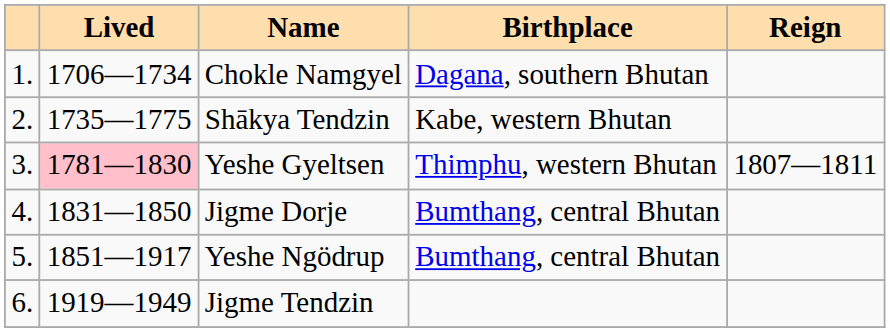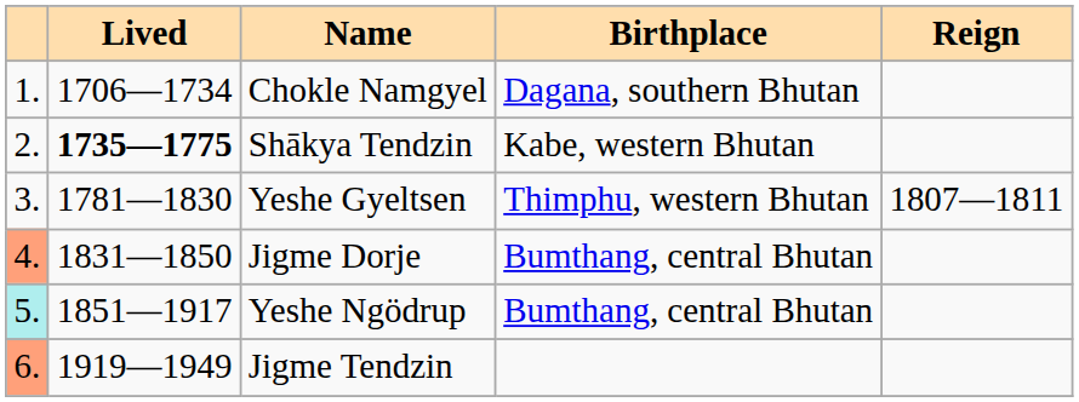 <table class="wikitable">
 <tr>
 <th style="background:#ffdead;" align=center></th>
 <th style="background:#ffdead;" align=center>Lived</th>
 <th style="background:#ffdead;" align=center>Name</th>
 <th style="background:#ffdead;" align=center>Birthplace</th>
 <th style="background:#ffdead;" align=center>Reign</th>
 </tr>
 <tr>
 <td>1.</td>
 <td>1706—1734</td>
 <td>Chokle Namgyel </td>
 <td><a href='#'>Dagana</a>, southern Bhutan</td>
 <td></td>
 </tr>
 <tr>
 <td>2.</td>
-<td>1735—1775</td>
+<td><strong>1735—1775</strong></td>
 <td>Shākya Tendzin</td>
 <td>Kabe, western Bhutan</td>
 <td></td>
 </tr>
 <tr>
 <td>3.</td>
-<td style="background: pink;">1781—1830</td>
+<td>1781—1830</td>
 <td>Yeshe Gyeltsen</td>
 <td><a href='#'>Thimphu</a>, western Bhutan</td>
 <td>1807—1811</td>
 </tr>
 <tr>
-<td>4.</td>
+<td style="background: lightsalmon;">4.</td>
 <td>1831—1850</td>
 <td>Jigme Dorje</td>
 <td><a href='#'>Bumthang</a>, central Bhutan</td>
 <td></td>
 </tr>
 <tr>
-<td>5.</td>
+<td style="background: paleturquoise;">5.</td>
 <td>1851—1917</td>
 <td>Yeshe Ngödrup </td>
 <td><a href='#'>Bumthang</a>, central Bhutan</td>
 <td></td>
 </tr>
 <tr>
-<td>6.</td>
+<td style="background: lightsalmon;">6.</td>
 <td>1919—1949</td>
 <td>Jigme Tendzin</td>
 <td></td>
 </tr>
 </table>
